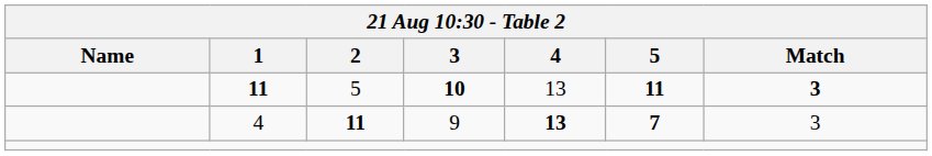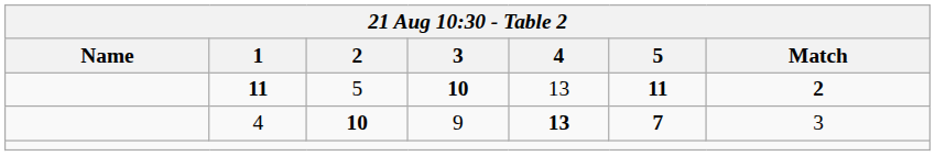 <table class=wikitable style="text-align:center; width: 55%">
 <tr>
 <th colspan=17><em>21 Aug 10:30 - Table 2</em></th>
 </tr>
 <tr>
 <th>Name</th>
 <th>1</th>
 <th>2</th>
 <th>3</th>
 <th>4</th>
 <th>5</th>
 <th>Match</th>
 </tr>
 <tr>
 <td style="text-align:left;"><strong></strong></td>
 <td><strong>11</strong></td>
 <td>5</td>
 <td><strong>10</strong></td>
 <td>13</td>
 <td><strong>11</strong></td>
-<td><strong>3</strong></td>
+<td><strong>2</strong></td>
 </tr>
 <tr>
 <td style="text-align:left;"></td>
 <td>4</td>
-<td><strong>11</strong></td>
+<td><strong>10</strong></td>
 <td>9</td>
 <td><strong>13</strong></td>
 <td><strong>7</strong></td>
 <td>3</td>
 </tr>
 <tr>
 <td colspan=17></td>
 </tr>
 </table>
